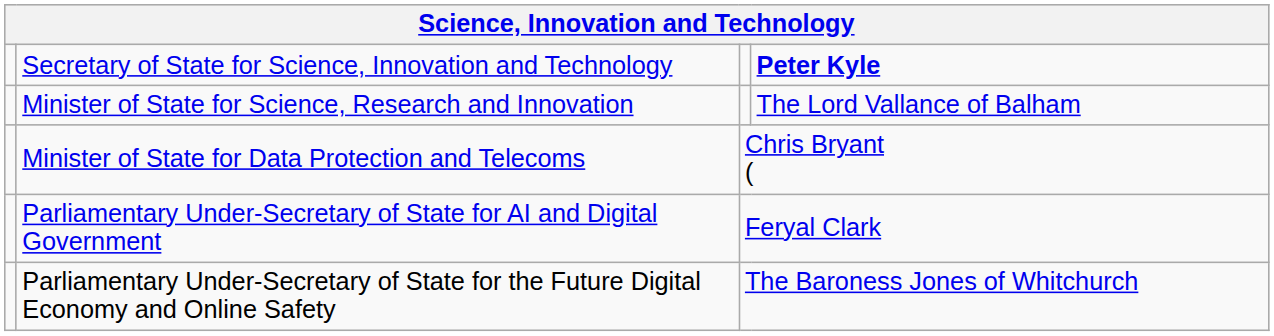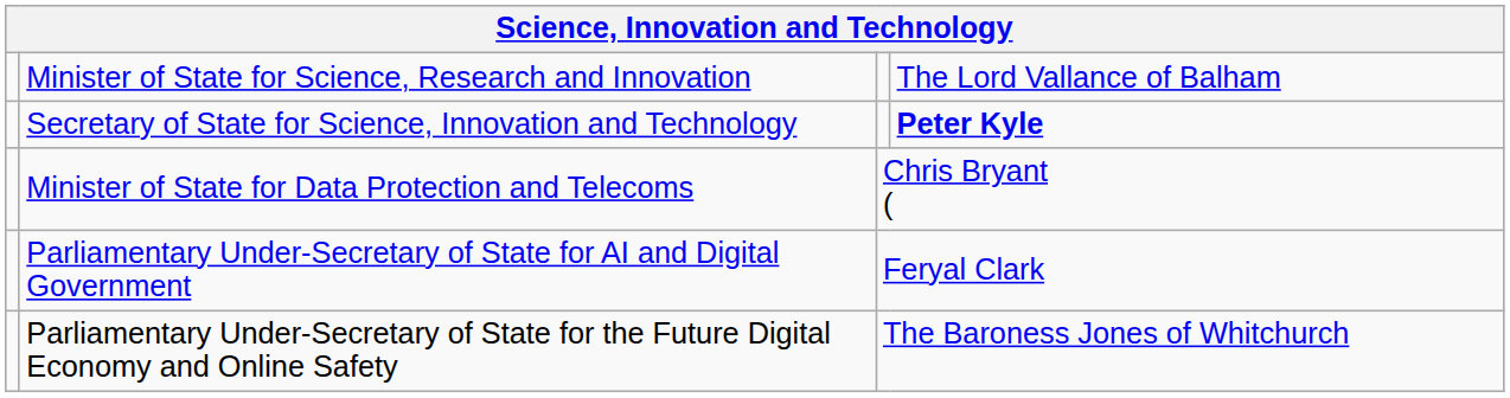 <table class="wikitable">
 <tr>
 <th colspan="4"><a href='#'>Science, Innovation and Technology</a></th>
 </tr>
 <tr>
 <td style="background: "></td>
+<td><a href='#'>Minister of State for Science, Research and Innovation</a></td>
+<td style="background: "></td>
+<td><a href='#'>The Lord Vallance of Balham</a> </td>
+</tr>
+<tr>
+<td style="background: "></td>
 <td style="width: 450px;"><a href='#'>Secretary of State for Science, Innovation and Technology</a></td>
 <td style="background: "></td>
 <td style="width: 320px;"><strong><a href='#'>Peter Kyle</a></strong></td>
-</tr>
-<tr>
-<td style="background: "></td>
-<td><a href='#'>Minister of State for Science, Research and Innovation</a></td>
-<td style="background: "></td>
-<td><a href='#'>The Lord Vallance of Balham</a> </td>
 </tr>
 <tr>
 <td style="background: "></td>
 <td><a href='#'>Minister of State for Data Protection and Telecoms</a></td>
 <td colspan="2"><a href='#'>Chris Bryant</a><br>(</td>
 </tr>
 <tr>
 <td style="background: "></td>
 <td><a href='#'>Parliamentary Under-Secretary of State for AI and Digital Government</a></td>
 <td colspan="2"><a href='#'>Feryal Clark</a></td>
 </tr>
 <tr>
 <td style="background: "></td>
 <td>Parliamentary Under-Secretary of State for the Future Digital Economy and Online Safety</td>
 <td colspan="2"><a href='#'>The Baroness Jones of Whitchurch</a><br><br></td>
 </tr>
 </table>
